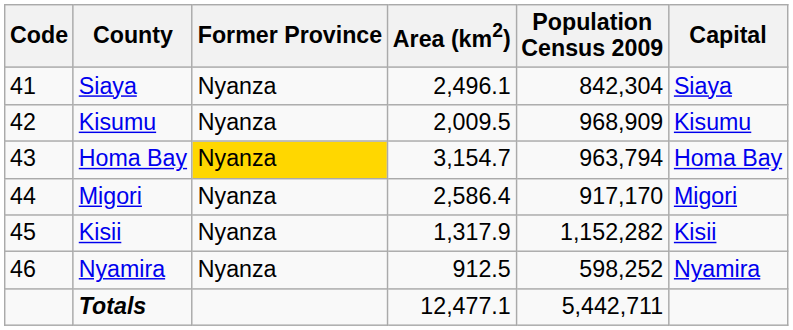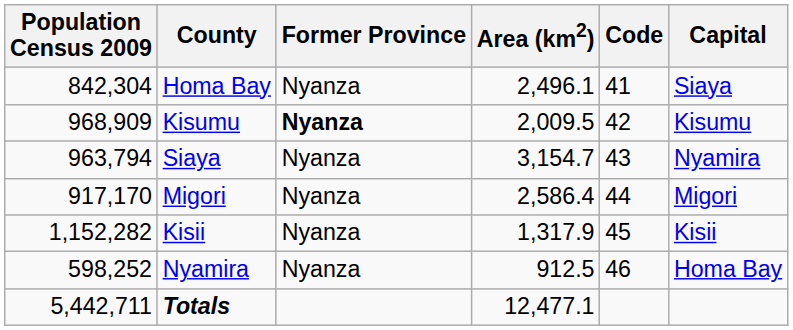 <table class="sortable wikitable">
 <tr>
-<th>Code</th>
+<th>Population<br>Census 2009</th>
 <th>County</th>
 <th>Former Province</th>
 <th>Area (km<sup>2</sup>)</th>
-<th>Population<br>Census 2009</th>
+<th>Code</th>
 <th>Capital</th>
 </tr>
 <tr>
-<td>41</td>
-<td><a href='#'>Siaya</a></td>
+<td align="right">842,304</td>
+<td><a href='#'>Homa Bay</a></td>
 <td>Nyanza</td>
 <td align="right">2,496.1</td>
-<td align="right">842,304</td>
+<td>41</td>
 <td><a href='#'>Siaya</a></td>
 </tr>
 <tr>
+<td align="right">968,909</td>
+<td><a href='#'>Kisumu</a></td>
+<td><strong>Nyanza</strong></td>
+<td align="right">2,009.5</td>
 <td>42</td>
-<td><a href='#'>Kisumu</a></td>
-<td>Nyanza</td>
-<td align="right">2,009.5</td>
-<td align="right">968,909</td>
 <td><a href='#'>Kisumu</a></td>
 </tr>
 <tr>
+<td align="right">963,794</td>
+<td><a href='#'>Siaya</a></td>
+<td>Nyanza</td>
+<td align="right">3,154.7</td>
 <td>43</td>
-<td><a href='#'>Homa Bay</a></td>
-<td style="background: gold;">Nyanza</td>
-<td align="right">3,154.7</td>
-<td align="right">963,794</td>
+<td><a href='#'>Nyamira</a></td>
+</tr>
+<tr>
+<td align="right">917,170</td>
+<td><a href='#'>Migori</a></td>
+<td>Nyanza</td>
+<td align="right">2,586.4</td>
+<td>44</td>
+<td><a href='#'>Migori</a></td>
+</tr>
+<tr>
+<td align="right">1,152,282</td>
+<td><a href='#'>Kisii</a></td>
+<td>Nyanza</td>
+<td align="right">1,317.9</td>
+<td>45</td>
+<td><a href='#'>Kisii</a></td>
+</tr>
+<tr>
+<td align="right">598,252</td>
+<td><a href='#'>Nyamira</a></td>
+<td>Nyanza</td>
+<td align="right">912.5</td>
+<td>46</td>
 <td><a href='#'>Homa Bay</a></td>
 </tr>
 <tr>
-<td>44</td>
-<td><a href='#'>Migori</a></td>
-<td>Nyanza</td>
-<td align="right">2,586.4</td>
-<td align="right">917,170</td>
-<td><a href='#'>Migori</a></td>
-</tr>
-<tr>
-<td>45</td>
-<td><a href='#'>Kisii</a></td>
-<td>Nyanza</td>
-<td align="right">1,317.9</td>
-<td align="right">1,152,282</td>
-<td><a href='#'>Kisii</a></td>
-</tr>
-<tr>
-<td>46</td>
-<td><a href='#'>Nyamira</a></td>
-<td>Nyanza</td>
-<td align="right">912.5</td>
-<td align="right">598,252</td>
-<td><a href='#'>Nyamira</a></td>
-</tr>
-<tr>
-<td></td>
+<td align="right">5,442,711</td>
 <td><strong><em>Totals</em></strong></td>
 <td></td>
 <td align="right">12,477.1</td>
-<td align="right">5,442,711</td>
+<td></td>
 <td></td>
 </tr>
 </table>
